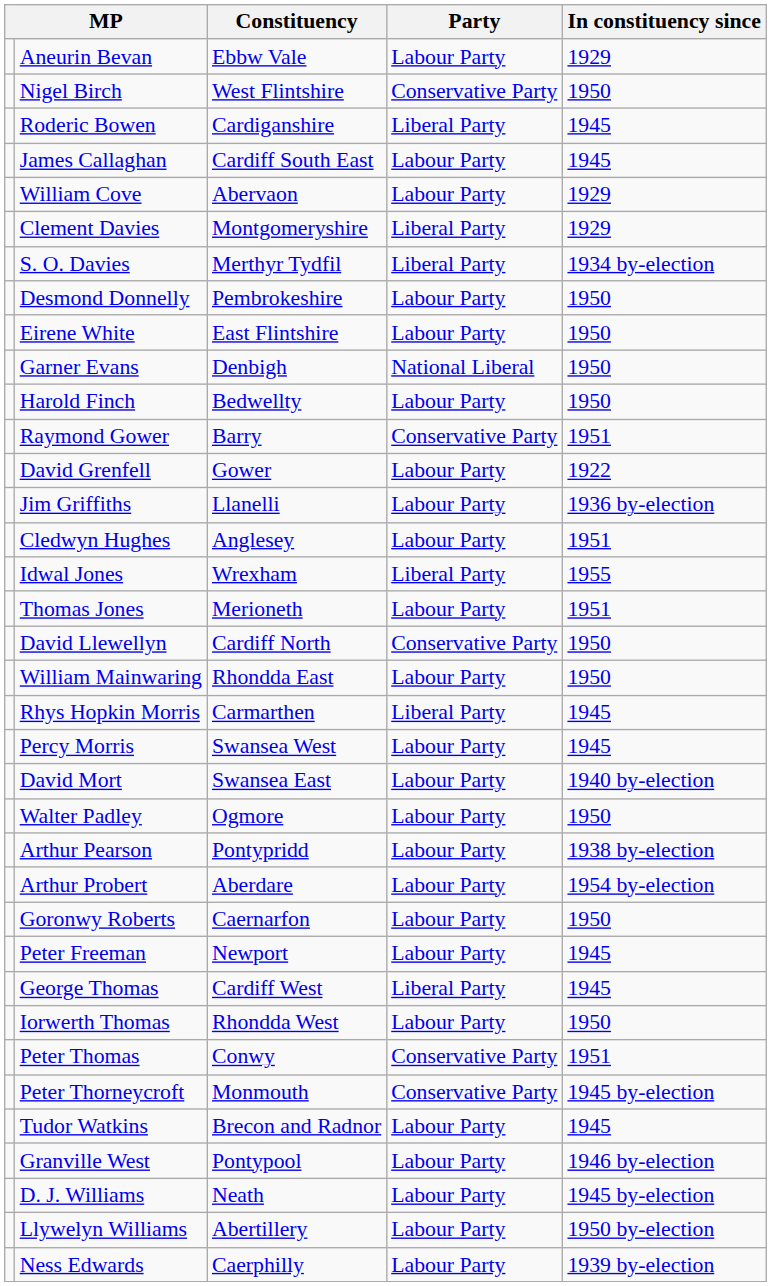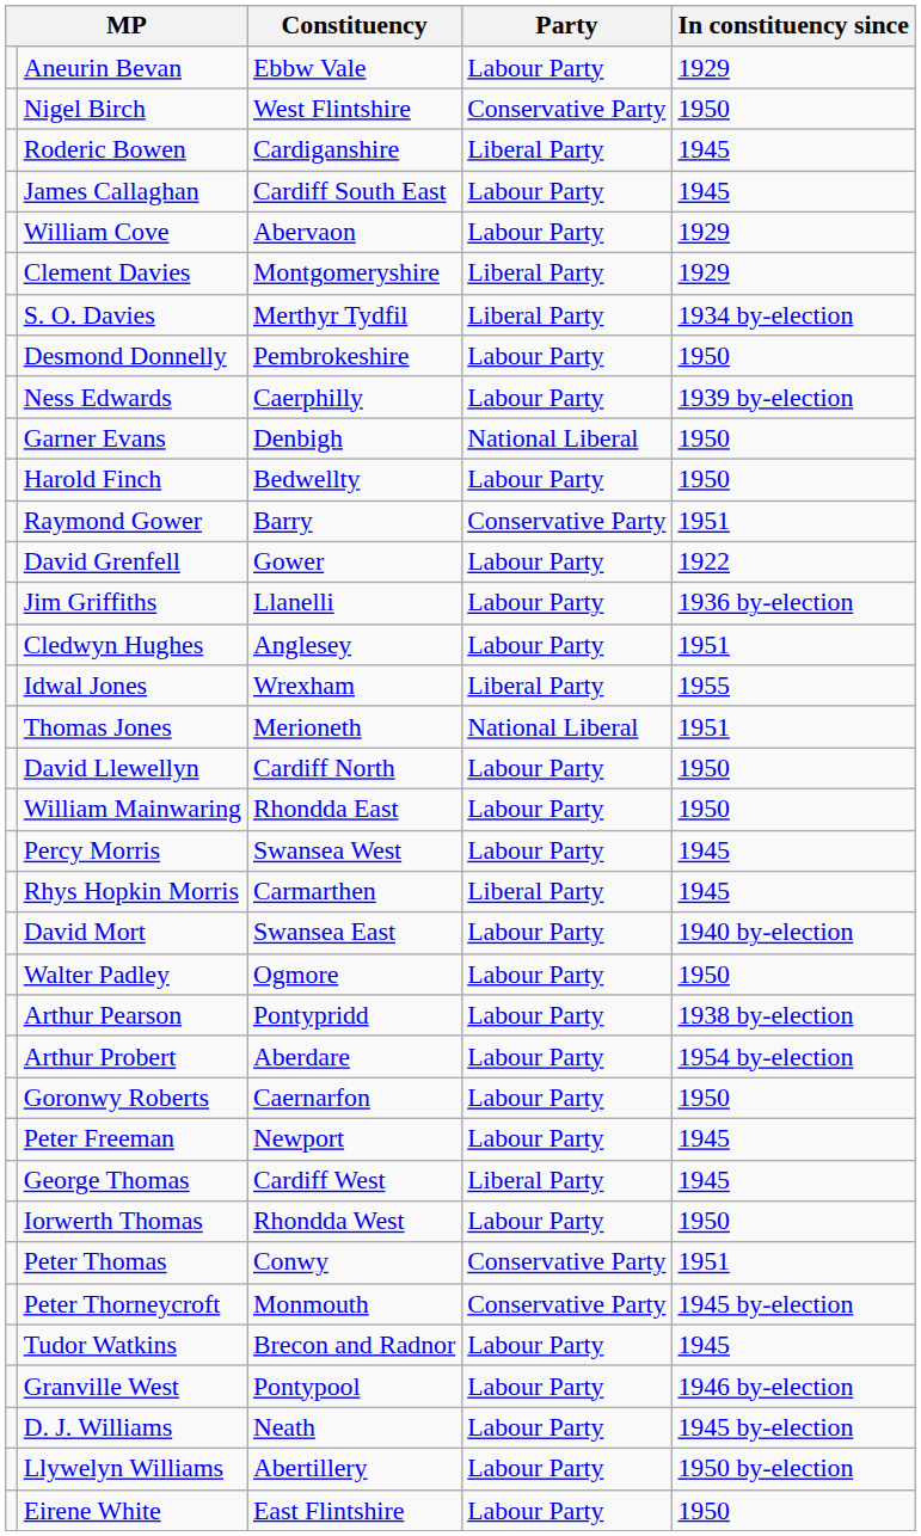 <table class="wikitable sortable">
 <tr>
 <th colspan=2>MP</th>
 <th>Constituency</th>
 <th>Party</th>
 <th>In constituency since</th>
 </tr>
 <tr>
 <td style="color:inherit;background-color: "></td>
 <td><a href='#'>Aneurin Bevan</a></td>
 <td><a href='#'>Ebbw Vale</a></td>
 <td><a href='#'>Labour Party</a></td>
 <td><a href='#'>1929</a></td>
 </tr>
 <tr>
 <td style="color:inherit;background-color: "></td>
 <td><a href='#'>Nigel Birch</a></td>
 <td><a href='#'>West Flintshire</a></td>
 <td><a href='#'>Conservative Party</a></td>
 <td><a href='#'>1950</a></td>
 </tr>
 <tr>
 <td style="color:inherit;background-color: "></td>
 <td><a href='#'>Roderic Bowen</a></td>
 <td><a href='#'>Cardiganshire</a></td>
 <td><a href='#'>Liberal Party</a></td>
 <td><a href='#'>1945</a></td>
 </tr>
 <tr>
 <td style="color:inherit;background-color: "></td>
 <td><a href='#'>James Callaghan</a></td>
 <td><a href='#'>Cardiff South East</a></td>
 <td><a href='#'>Labour Party</a></td>
 <td><a href='#'>1945</a></td>
 </tr>
 <tr>
 <td style="color:inherit;background-color: "></td>
 <td><a href='#'>William Cove</a></td>
 <td><a href='#'>Abervaon</a></td>
 <td><a href='#'>Labour Party</a></td>
 <td><a href='#'>1929</a></td>
 </tr>
 <tr>
 <td style="color:inherit;background-color: "></td>
 <td><a href='#'>Clement Davies</a></td>
 <td><a href='#'>Montgomeryshire</a></td>
 <td><a href='#'>Liberal Party</a></td>
 <td><a href='#'>1929</a></td>
 </tr>
 <tr>
 <td style="color:inherit;background-color: "></td>
 <td><a href='#'>S. O. Davies</a></td>
 <td><a href='#'>Merthyr Tydfil</a></td>
 <td><a href='#'>Liberal Party</a></td>
 <td><a href='#'>1934 by-election</a></td>
 </tr>
 <tr>
 <td style="color:inherit;background-color: "></td>
 <td><a href='#'>Desmond Donnelly</a></td>
 <td><a href='#'>Pembrokeshire</a></td>
 <td><a href='#'>Labour Party</a></td>
 <td><a href='#'>1950</a></td>
 </tr>
 <tr>
 <td style="color:inherit;background-color: "></td>
-<td><a href='#'>Eirene White</a></td>
-<td><a href='#'>East Flintshire</a></td>
+<td><a href='#'>Ness Edwards</a></td>
+<td><a href='#'>Caerphilly</a></td>
 <td><a href='#'>Labour Party</a></td>
-<td><a href='#'>1950</a></td>
+<td><a href='#'>1939 by-election</a></td>
 </tr>
 <tr>
 <td style="color:inherit;background-color: "></td>
 <td><a href='#'>Garner Evans</a></td>
 <td><a href='#'>Denbigh</a></td>
 <td><a href='#'>National Liberal</a></td>
 <td><a href='#'>1950</a></td>
 </tr>
 <tr>
 <td style="color:inherit;background-color: "></td>
 <td><a href='#'>Harold Finch</a></td>
 <td><a href='#'>Bedwellty</a></td>
 <td><a href='#'>Labour Party</a></td>
 <td><a href='#'>1950</a></td>
 </tr>
 <tr>
 <td style="color:inherit;background-color: "></td>
 <td><a href='#'>Raymond Gower</a></td>
 <td><a href='#'>Barry</a></td>
 <td><a href='#'>Conservative Party</a></td>
 <td><a href='#'>1951</a></td>
 </tr>
 <tr>
 <td style="color:inherit;background-color: "></td>
 <td><a href='#'>David Grenfell</a></td>
 <td><a href='#'>Gower</a></td>
 <td><a href='#'>Labour Party</a></td>
 <td><a href='#'>1922</a></td>
 </tr>
 <tr>
 <td style="color:inherit;background-color: "></td>
 <td><a href='#'>Jim Griffiths</a></td>
 <td><a href='#'>Llanelli</a></td>
 <td><a href='#'>Labour Party</a></td>
 <td><a href='#'>1936 by-election</a></td>
 </tr>
 <tr>
 <td style="color:inherit;background-color: "></td>
 <td><a href='#'>Cledwyn Hughes</a></td>
 <td><a href='#'>Anglesey</a></td>
 <td><a href='#'>Labour Party</a></td>
 <td><a href='#'>1951</a></td>
 </tr>
 <tr>
 <td style="color:inherit;background-color: "></td>
 <td><a href='#'>Idwal Jones</a></td>
 <td><a href='#'>Wrexham</a></td>
 <td><a href='#'>Liberal Party</a></td>
 <td><a href='#'>1955</a></td>
 </tr>
 <tr>
 <td style="color:inherit;background-color: "></td>
 <td><a href='#'>Thomas Jones</a></td>
 <td><a href='#'>Merioneth</a></td>
-<td><a href='#'>Labour Party</a></td>
+<td><a href='#'>National Liberal</a></td>
 <td><a href='#'>1951</a></td>
 </tr>
 <tr>
 <td style="color:inherit;background-color: "></td>
 <td><a href='#'>David Llewellyn</a></td>
 <td><a href='#'>Cardiff North</a></td>
-<td><a href='#'>Conservative Party</a></td>
+<td><a href='#'>Labour Party</a></td>
 <td><a href='#'>1950</a></td>
 </tr>
 <tr>
 <td style="color:inherit;background-color: "></td>
 <td><a href='#'>William Mainwaring</a></td>
 <td><a href='#'>Rhondda East</a></td>
 <td><a href='#'>Labour Party</a></td>
 <td><a href='#'>1950</a></td>
 </tr>
 <tr>
 <td style="color:inherit;background-color: "></td>
-<td><a href='#'>Rhys Hopkin Morris</a></td>
-<td><a href='#'>Carmarthen</a></td>
-<td><a href='#'>Liberal Party</a></td>
+<td><a href='#'>Percy Morris</a></td>
+<td><a href='#'>Swansea West</a></td>
+<td><a href='#'>Labour Party</a></td>
 <td><a href='#'>1945</a></td>
 </tr>
 <tr>
 <td style="color:inherit;background-color: "></td>
-<td><a href='#'>Percy Morris</a></td>
-<td><a href='#'>Swansea West</a></td>
-<td><a href='#'>Labour Party</a></td>
+<td><a href='#'>Rhys Hopkin Morris</a></td>
+<td><a href='#'>Carmarthen</a></td>
+<td><a href='#'>Liberal Party</a></td>
 <td><a href='#'>1945</a></td>
 </tr>
 <tr>
 <td style="color:inherit;background-color: "></td>
 <td><a href='#'>David Mort</a></td>
 <td><a href='#'>Swansea East</a></td>
 <td><a href='#'>Labour Party</a></td>
 <td><a href='#'>1940 by-election</a></td>
 </tr>
 <tr>
 <td style="color:inherit;background-color: "></td>
 <td><a href='#'>Walter Padley</a></td>
 <td><a href='#'>Ogmore</a></td>
 <td><a href='#'>Labour Party</a></td>
 <td><a href='#'>1950</a></td>
 </tr>
 <tr>
 <td style="color:inherit;background-color: "></td>
 <td><a href='#'>Arthur Pearson</a></td>
 <td><a href='#'>Pontypridd</a></td>
 <td><a href='#'>Labour Party</a></td>
 <td><a href='#'>1938 by-election</a></td>
 </tr>
 <tr>
 <td style="color:inherit;background-color: "></td>
 <td><a href='#'>Arthur Probert</a></td>
 <td><a href='#'>Aberdare</a></td>
 <td><a href='#'>Labour Party</a></td>
 <td><a href='#'>1954 by-election</a></td>
 </tr>
 <tr>
 <td style="color:inherit;background-color: "></td>
 <td><a href='#'>Goronwy Roberts</a></td>
 <td><a href='#'>Caernarfon</a></td>
 <td><a href='#'>Labour Party</a></td>
 <td><a href='#'>1950</a></td>
 </tr>
 <tr>
 <td style="color:inherit;background-color: "></td>
 <td><a href='#'>Peter Freeman</a></td>
 <td><a href='#'>Newport</a></td>
 <td><a href='#'>Labour Party</a></td>
 <td><a href='#'>1945</a></td>
 </tr>
 <tr>
 <td style="color:inherit;background-color: "></td>
 <td><a href='#'>George Thomas</a></td>
 <td><a href='#'>Cardiff West</a></td>
 <td><a href='#'>Liberal Party</a></td>
 <td><a href='#'>1945</a></td>
 </tr>
 <tr>
 <td style="color:inherit;background-color: "></td>
 <td><a href='#'>Iorwerth Thomas</a></td>
 <td><a href='#'>Rhondda West</a></td>
 <td><a href='#'>Labour Party</a></td>
 <td><a href='#'>1950</a></td>
 </tr>
 <tr>
 <td style="color:inherit;background-color: "></td>
 <td><a href='#'>Peter Thomas</a></td>
 <td><a href='#'>Conwy</a></td>
 <td><a href='#'>Conservative Party</a></td>
 <td><a href='#'>1951</a></td>
 </tr>
 <tr>
 <td style="color:inherit;background-color: "></td>
 <td><a href='#'>Peter Thorneycroft</a></td>
 <td><a href='#'>Monmouth</a></td>
 <td><a href='#'>Conservative Party</a></td>
 <td><a href='#'>1945 by-election</a></td>
 </tr>
 <tr>
 <td style="color:inherit;background-color: "></td>
 <td><a href='#'>Tudor Watkins</a></td>
 <td><a href='#'>Brecon and Radnor</a></td>
 <td><a href='#'>Labour Party</a></td>
 <td><a href='#'>1945</a></td>
 </tr>
 <tr>
 <td style="color:inherit;background-color: "></td>
 <td><a href='#'>Granville West</a></td>
 <td><a href='#'>Pontypool</a></td>
 <td><a href='#'>Labour Party</a></td>
 <td><a href='#'>1946 by-election</a></td>
 </tr>
 <tr>
 <td style="color:inherit;background-color: "></td>
 <td><a href='#'>D. J. Williams</a></td>
 <td><a href='#'>Neath</a></td>
 <td><a href='#'>Labour Party</a></td>
 <td><a href='#'>1945 by-election</a></td>
 </tr>
 <tr>
 <td style="color:inherit;background-color: "></td>
 <td><a href='#'>Llywelyn Williams</a></td>
 <td><a href='#'>Abertillery</a></td>
 <td><a href='#'>Labour Party</a></td>
 <td><a href='#'>1950 by-election</a></td>
 </tr>
 <tr>
 <td style="color:inherit;background-color: "></td>
-<td><a href='#'>Ness Edwards</a></td>
-<td><a href='#'>Caerphilly</a></td>
+<td><a href='#'>Eirene White</a></td>
+<td><a href='#'>East Flintshire</a></td>
 <td><a href='#'>Labour Party</a></td>
-<td><a href='#'>1939 by-election</a></td>
+<td><a href='#'>1950</a></td>
 </tr>
 <tr>
 </tr>
 </table>
